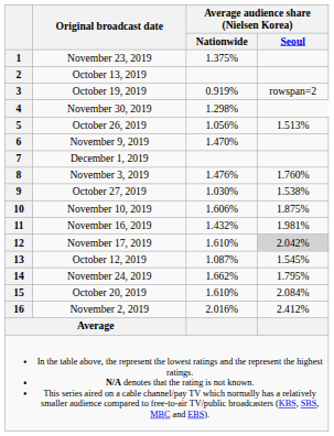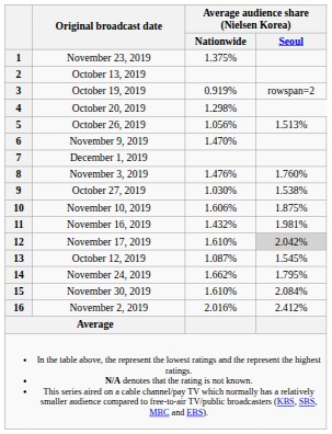 <table class="wikitable" style="text-align:center;max-width:490px; margin-left: auto; margin-right: auto; border: none;">
 <tr>
 </tr>
 <tr>
 <th rowspan="2"></th>
 <th rowspan="2">Original broadcast date</th>
 <th colspan="2">Average audience share<br>(Nielsen Korea)</th>
 </tr>
 <tr>
 <th width="100">Nationwide</th>
 <th width="100"><a href='#'>Seoul</a></th>
 </tr>
 <tr>
 <th>1</th>
 <td>November 23, 2019</td>
 <td>1.375%</td>
 <td></td>
 </tr>
 <tr>
 <th>2</th>
 <td>October 13, 2019</td>
 <td></td>
 <td></td>
 </tr>
 <tr>
 <th>3</th>
 <td>October 19, 2019</td>
 <td>0.919%</td>
 <td>rowspan=2 </td>
 </tr>
 <tr>
 <th>4</th>
-<td>November 30, 2019</td>
+<td>October 20, 2019</td>
 <td>1.298%</td>
 </tr>
 <tr>
 <th>5</th>
 <td>October 26, 2019</td>
 <td>1.056%</td>
 <td>1.513%</td>
 </tr>
 <tr>
 <th>6</th>
 <td>November 9, 2019</td>
 <td>1.470%</td>
 <td></td>
 </tr>
 <tr>
 <th>7</th>
 <td>December 1, 2019</td>
 <td></td>
 <td></td>
 </tr>
 <tr>
 <th>8</th>
 <td>November 3, 2019</td>
 <td>1.476%</td>
 <td>1.760%</td>
 </tr>
 <tr>
 <th>9</th>
 <td>October 27, 2019</td>
 <td>1.030%</td>
 <td>1.538%</td>
 </tr>
 <tr>
 <th>10</th>
 <td>November 10, 2019</td>
 <td>1.606%</td>
 <td>1.875%</td>
 </tr>
 <tr>
 <th>11</th>
 <td>November 16, 2019</td>
 <td>1.432%</td>
 <td>1.981%</td>
 </tr>
 <tr>
 <th>12</th>
 <td>November 17, 2019</td>
 <td>1.610%</td>
 <td style="background: lightgrey;">2.042%</td>
 </tr>
 <tr>
 <th>13</th>
 <td>October 12, 2019</td>
 <td>1.087%</td>
 <td>1.545%</td>
 </tr>
 <tr>
 <th>14</th>
 <td>November 24, 2019</td>
 <td>1.662%</td>
 <td>1.795%</td>
 </tr>
 <tr>
 <th>15</th>
-<td>October 20, 2019</td>
+<td>November 30, 2019</td>
 <td>1.610%</td>
 <td>2.084%</td>
 </tr>
 <tr>
 <th>16</th>
 <td>November 2, 2019</td>
 <td>2.016%</td>
 <td>2.412%</td>
 </tr>
 <tr>
 <th colspan="2">Average</th>
 <th></th>
 <th></th>
 </tr>
 <tr>
 <td colspan="4" style="font-size:85%"><br><ul><li>In the table above, the <strong></strong> represent the lowest ratings and the <strong></strong> represent the highest ratings.</li><li><strong>N/A</strong> denotes that the rating is not known.</li><li>This series aired on a cable channel/pay TV which normally has a relatively smaller audience compared to free-to-air TV/public broadcasters (<a href='#'>KBS</a>, <a href='#'>SBS</a>, <a href='#'>MBC</a> and <a href='#'>EBS</a>).</li></ul></td>
 </tr>
 </table>
